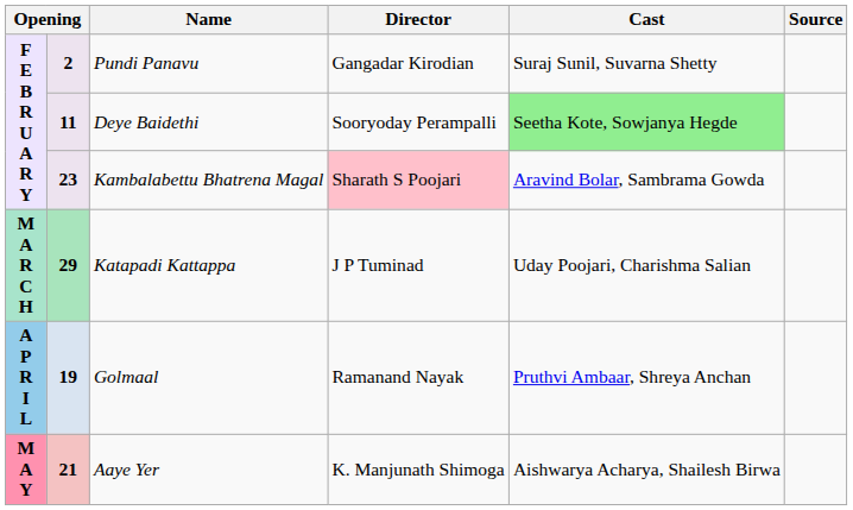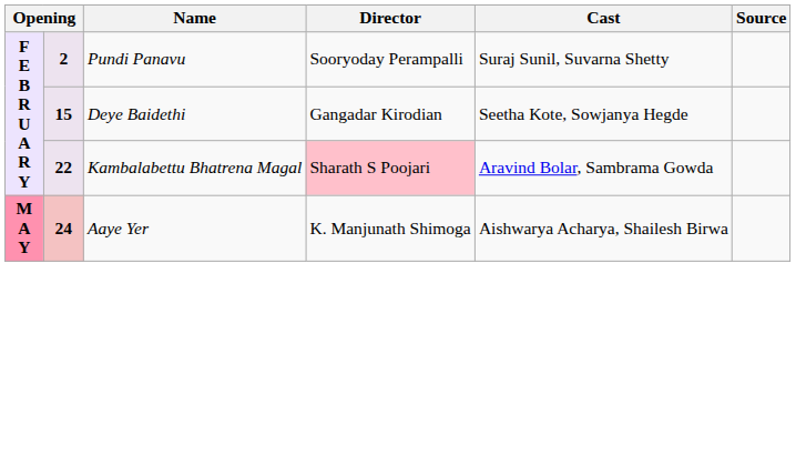 <table class="wikitable sortable">
 <tr>
 <th colspan="2" style="width:10%;">Opening</th>
 <th>Name</th>
 <th>Director</th>
 <th>Cast</th>
 <th>Source</th>
 </tr>
 <tr February!>
 <td rowspan="3" style="text-align:center;background:#ede4fe;"><strong>F<br>E<br>B<br>R<br>U<br>A<br>R<br>Y</strong></td>
 <td rowspan="1" style="text-align:center; background:#ede3ef;"><strong>2</strong></td>
 <td><em>Pundi Panavu</em></td>
-<td>Gangadar Kirodian</td>
+<td>Sooryoday Perampalli</td>
 <td>Suraj Sunil, Suvarna Shetty</td>
 <td><br></td>
 </tr>
 <tr>
-<td rowspan="1" style="text-align:center; background:#ede3ef;"><strong>11</strong></td>
+<td rowspan="1" style="text-align:center; background:#ede3ef;"><strong>15</strong></td>
 <td><em>Deye Baidethi</em></td>
-<td>Sooryoday Perampalli</td>
-<td style="background: lightgreen;">Seetha Kote, Sowjanya Hegde</td>
+<td>Gangadar Kirodian</td>
+<td>Seetha Kote, Sowjanya Hegde</td>
 <td><br></td>
 </tr>
 <tr>
-<td rowspan="1" style="text-align:center; background:#ede3ef;"><strong>23</strong></td>
+<td rowspan="1" style="text-align:center; background:#ede3ef;"><strong>22</strong></td>
 <td><em>Kambalabettu Bhatrena Magal</em></td>
 <td style="background: pink;">Sharath S Poojari</td>
 <td><a href='#'>Aravind Bolar</a>, Sambrama Gowda</td>
 <td><br></td>
 </tr>
-<tr March!>
-<td rowspan="1" style="text-align:center;background:#a8e4cb;"><strong>M<br>A<br>R<br>C<br>H</strong></td>
-<td rowspan="1" style="text-align:center; background:#a8e4bc;"><strong>29</strong></td>
-<td><em>Katapadi Kattappa</em></td>
-<td>J P Tuminad</td>
-<td>Uday Poojari, Charishma Salian</td>
-<td><br></td>
-</tr>
-<tr>
-<td rowspan="1" style="text-align:center; background:#93CCEA; textcolor:#000;"><strong>A<br>P<br>R<br>I<br>L</strong></td>
-<td rowspan="1" style="text-align:center;background:#d9e4f1;"><strong>19</strong></td>
-<td><em>Golmaal</em></td>
-<td>Ramanand Nayak</td>
-<td><a href='#'>Pruthvi Ambaar</a>, Shreya Anchan</td>
-<td><br></td>
-</tr>
 <tr>
 <td rowspan="1" style="text-align:center; background:#ff91af; textcolor:#000;"><strong>M<br>A<br>Y</strong></td>
-<td rowspan="1" style="text-align:center;background:#f4c2c2;"><strong>21</strong></td>
+<td rowspan="1" style="text-align:center;background:#f4c2c2;"><strong>24</strong></td>
 <td><em>Aaye Yer</em></td>
 <td>K. Manjunath Shimoga</td>
 <td>Aishwarya Acharya, Shailesh Birwa</td>
 <td><br></td>
 </tr>
 </table>
